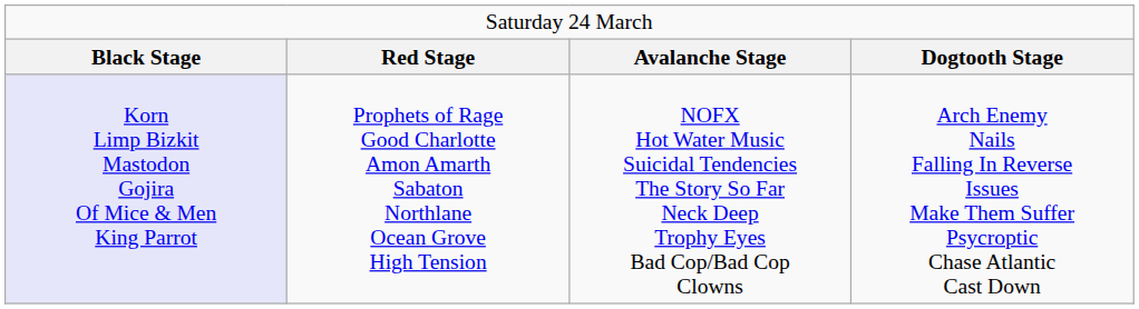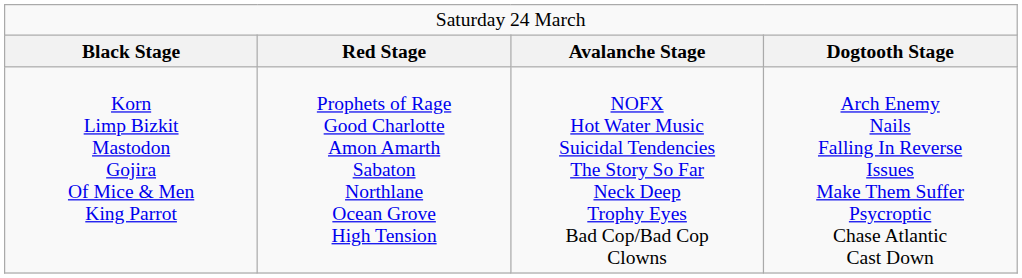 <table class="wikitable">
 <tr>
 <td colspan="4" style="text-align:center;">Saturday 24 March</td>
 </tr>
 <tr>
 <th>Black Stage</th>
 <th>Red Stage</th>
 <th>Avalanche Stage</th>
 <th>Dogtooth Stage</th>
 </tr>
 <tr>
-<td style="background: lavender; text-align:center; vertical-align:top; width:200px;"><br><a href='#'>Korn</a> <br> <a href='#'>Limp Bizkit</a> <br> <a href='#'>Mastodon</a> <br> <a href='#'>Gojira</a> <br> <a href='#'>Of Mice & Men</a> <br> <a href='#'>King Parrot</a> <br></td>
+<td style="text-align:center; vertical-align:top; width:200px;"><br><a href='#'>Korn</a> <br> <a href='#'>Limp Bizkit</a> <br> <a href='#'>Mastodon</a> <br> <a href='#'>Gojira</a> <br> <a href='#'>Of Mice & Men</a> <br> <a href='#'>King Parrot</a> <br></td>
 <td style="text-align:center; vertical-align:top; width:200px;"><br><a href='#'>Prophets of Rage</a> <br> <a href='#'>Good Charlotte</a> <br> <a href='#'>Amon Amarth</a> <br> <a href='#'>Sabaton</a> <br> <a href='#'>Northlane</a> <br> <a href='#'>Ocean Grove</a> <br> <a href='#'>High Tension</a> <br></td>
 <td style="text-align:center; vertical-align:top; width:200px;"><br><a href='#'>NOFX</a> <br> <a href='#'>Hot Water Music</a> <br> <a href='#'>Suicidal Tendencies</a> <br> <a href='#'>The Story So Far</a> <br> <a href='#'>Neck Deep</a> <br> <a href='#'>Trophy Eyes</a> <br> Bad Cop/Bad Cop <br> Clowns <br></td>
 <td style="text-align:center; vertical-align:top; width:200px;"><br><a href='#'>Arch Enemy</a> <br> <a href='#'>Nails</a> <br> <a href='#'>Falling In Reverse</a> <br> <a href='#'>Issues</a> <br> <a href='#'>Make Them Suffer</a> <br> <a href='#'>Psycroptic</a> <br> Chase Atlantic <br> Cast Down</td>
 </tr>
 </table>
